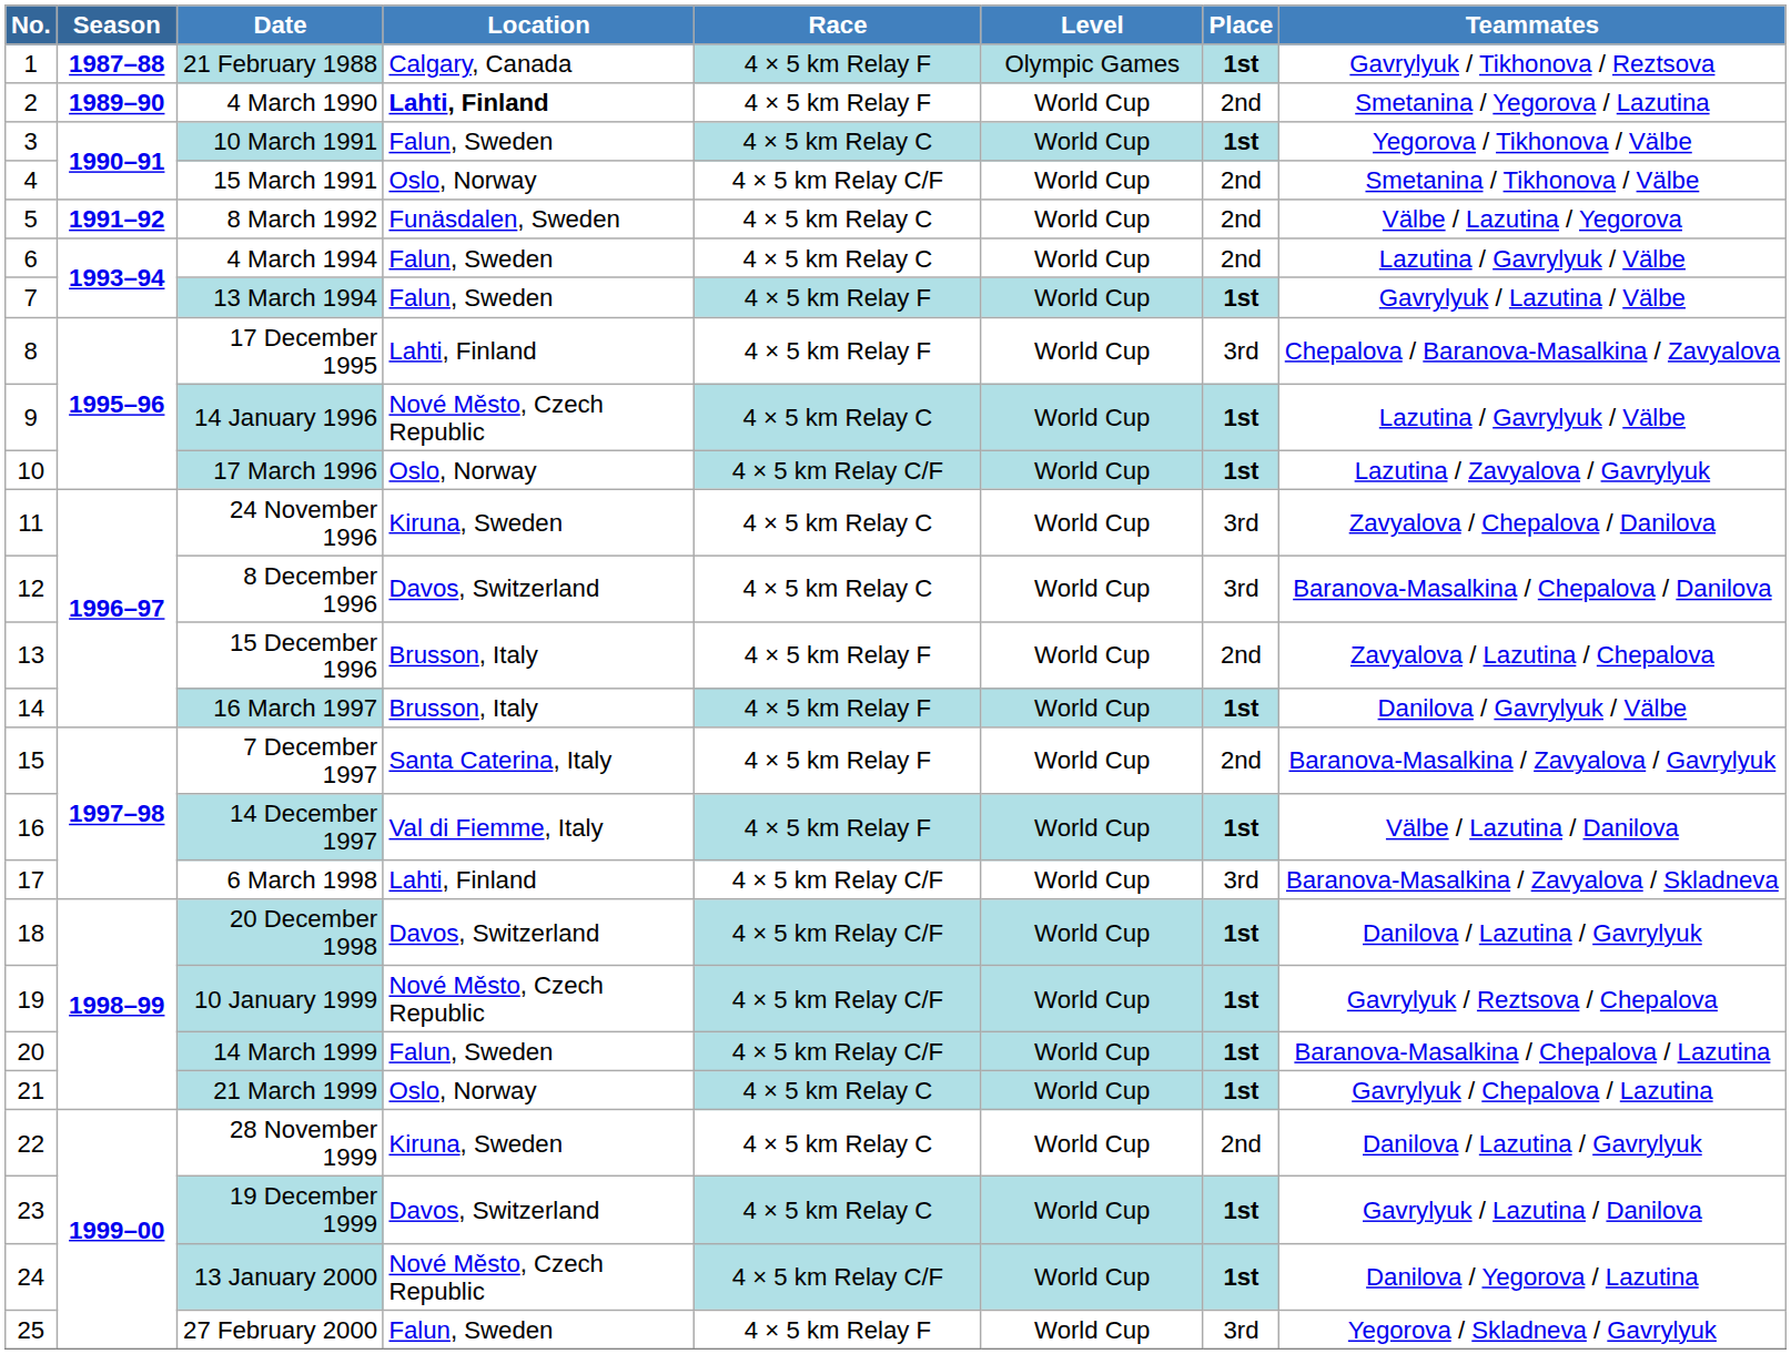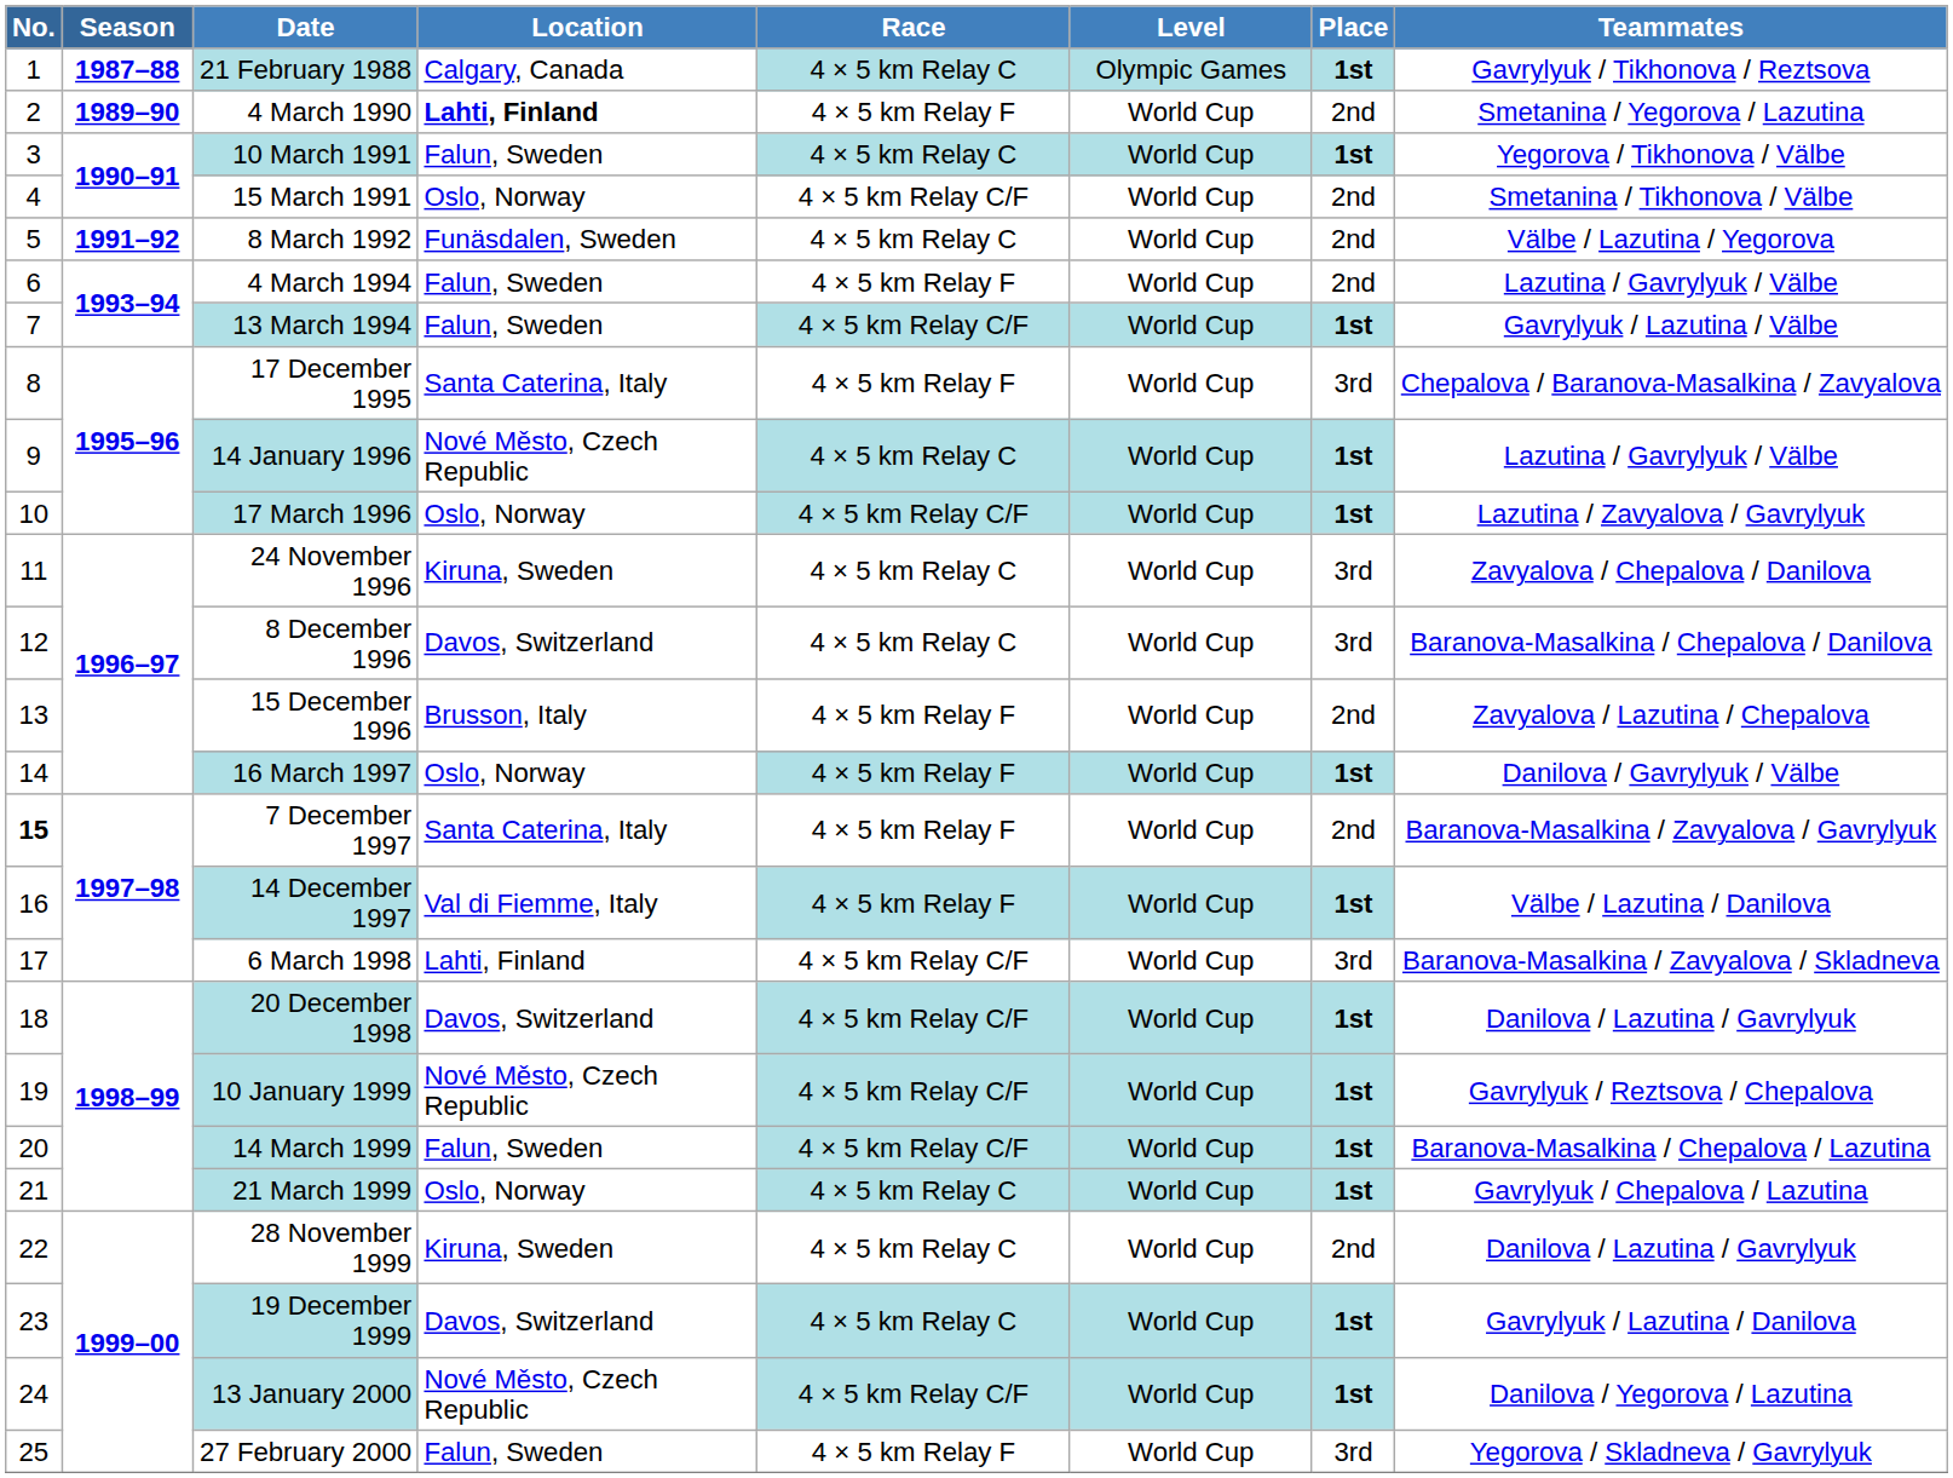 <table class="wikitable sortable" style="font-size:95%; text-align:center; border:grey solid 1px; border-collapse:collapse; background:#ffffff;">
 <tr style="background:#efefef;">
 <th style="background-color:#369; color:white;">No.</th>
 <th style="background-color:#369; color:white;">Season</th>
 <th style="background-color:#4180be; color:white; width:120px;">Date</th>
 <th style="background-color:#4180be; color:white; width:185px;">Location</th>
 <th style="background-color:#4180be; color:white; width:170px;">Race</th>
 <th style="background-color:#4180be; color:white; width:130px;">Level</th>
 <th style="background-color:#4180be; color:white;">Place</th>
 <th style="background-color:#4180be; color:white;">Teammates</th>
 </tr>
 <tr>
 <td align=center>1</td>
 <td rowspan=1 align=center><strong><a href='#'>1987–88</a></strong></td>
 <td bgcolor="#BOEOE6" align=right>21 February 1988</td>
 <td align=left> <a href='#'>Calgary</a>, Canada</td>
-<td bgcolor="#BOEOE6">4 × 5 km Relay F</td>
+<td bgcolor="#BOEOE6">4 × 5 km Relay C</td>
 <td bgcolor="#BOEOE6">Olympic Games</td>
 <td bgcolor="#BOEOE6"><strong>1st</strong></td>
 <td><a href='#'>Gavrylyuk</a> / <a href='#'>Tikhonova</a> / <a href='#'>Reztsova</a></td>
 </tr>
 <tr>
 <td align=center>2</td>
 <td rowspan=1 align=center><strong> <a href='#'>1989–90</a> </strong></td>
 <td align=right>4 March 1990</td>
 <td align=left><strong> <a href='#'>Lahti</a>, Finland</strong></td>
 <td>4 × 5 km Relay F</td>
 <td>World Cup</td>
 <td>2nd</td>
 <td><a href='#'>Smetanina</a> / <a href='#'>Yegorova</a> / <a href='#'>Lazutina</a></td>
 </tr>
 <tr>
 <td align=center>3</td>
 <td rowspan=2 align=center><strong><a href='#'>1990–91</a></strong></td>
 <td bgcolor="#BOEOE6" align=right>10 March 1991</td>
 <td align=left> <a href='#'>Falun</a>, Sweden</td>
 <td bgcolor="#BOEOE6">4 × 5 km Relay C</td>
 <td bgcolor="#BOEOE6">World Cup</td>
 <td bgcolor="#BOEOE6"><strong>1st</strong></td>
 <td><a href='#'>Yegorova</a> / <a href='#'>Tikhonova</a> / <a href='#'>Välbe</a></td>
 </tr>
 <tr>
 <td align=center>4</td>
 <td align=right>15 March 1991</td>
 <td align=left> <a href='#'>Oslo</a>, Norway</td>
 <td>4 × 5 km Relay C/F</td>
 <td>World Cup</td>
 <td>2nd</td>
 <td><a href='#'>Smetanina</a> / <a href='#'>Tikhonova</a> / <a href='#'>Välbe</a></td>
 </tr>
 <tr>
 <td align=center>5</td>
 <td rowspan=1 align=center><strong> <a href='#'>1991–92</a> </strong></td>
 <td align=right>8 March 1992</td>
 <td align=left> <a href='#'>Funäsdalen</a>, Sweden</td>
 <td>4 × 5 km Relay C</td>
 <td>World Cup</td>
 <td>2nd</td>
 <td><a href='#'>Välbe</a> / <a href='#'>Lazutina</a> / <a href='#'>Yegorova</a></td>
 </tr>
 <tr>
 <td align=center>6</td>
 <td rowspan=2 align=center><strong> <a href='#'>1993–94</a> </strong></td>
 <td align=right>4 March 1994</td>
 <td align=left> <a href='#'>Falun</a>, Sweden</td>
-<td>4 × 5 km Relay C</td>
+<td>4 × 5 km Relay F</td>
 <td>World Cup</td>
 <td>2nd</td>
 <td><a href='#'>Lazutina</a> / <a href='#'>Gavrylyuk</a> / <a href='#'>Välbe</a></td>
 </tr>
 <tr>
 <td align=center>7</td>
 <td bgcolor="#BOEOE6" align=right>13 March 1994</td>
 <td align=left> <a href='#'>Falun</a>, Sweden</td>
-<td bgcolor="#BOEOE6">4 × 5 km Relay F</td>
+<td bgcolor="#BOEOE6">4 × 5 km Relay C/F</td>
 <td bgcolor="#BOEOE6">World Cup</td>
 <td bgcolor="#BOEOE6"><strong>1st</strong></td>
 <td><a href='#'>Gavrylyuk</a> / <a href='#'>Lazutina</a> / <a href='#'>Välbe</a></td>
 </tr>
 <tr>
 <td align=center>8</td>
 <td rowspan=3 align=center><strong> <a href='#'>1995–96</a> </strong></td>
 <td align=right>17 December 1995</td>
-<td align=left> <a href='#'>Lahti</a>, Finland</td>
+<td align=left> <a href='#'>Santa Caterina</a>, Italy</td>
 <td>4 × 5 km Relay F</td>
 <td>World Cup</td>
 <td>3rd</td>
 <td><a href='#'>Chepalova</a> / <a href='#'>Baranova-Masalkina</a> / <a href='#'>Zavyalova</a></td>
 </tr>
 <tr>
 <td align=center>9</td>
 <td bgcolor="#BOEOE6" align=right>14 January 1996</td>
 <td align=left> <a href='#'>Nové Město</a>, Czech Republic</td>
 <td bgcolor="#BOEOE6">4 × 5 km Relay C</td>
 <td bgcolor="#BOEOE6">World Cup</td>
 <td bgcolor="#BOEOE6"><strong>1st</strong></td>
 <td><a href='#'>Lazutina</a> / <a href='#'>Gavrylyuk</a> / <a href='#'>Välbe</a></td>
 </tr>
 <tr>
 <td align=center>10</td>
 <td bgcolor="#BOEOE6" align=right>17 March 1996</td>
 <td align=left> <a href='#'>Oslo</a>, Norway</td>
 <td bgcolor="#BOEOE6">4 × 5 km Relay C/F</td>
 <td bgcolor="#BOEOE6">World Cup</td>
 <td bgcolor="#BOEOE6"><strong>1st</strong></td>
 <td><a href='#'>Lazutina</a> / <a href='#'>Zavyalova</a> / <a href='#'>Gavrylyuk</a></td>
 </tr>
 <tr>
 <td align=center>11</td>
 <td rowspan=4 align=center><strong> <a href='#'>1996–97</a> </strong></td>
 <td align=right>24 November 1996</td>
 <td align=left> <a href='#'>Kiruna</a>, Sweden</td>
 <td>4 × 5 km Relay C</td>
 <td>World Cup</td>
 <td>3rd</td>
 <td><a href='#'>Zavyalova</a> / <a href='#'>Chepalova</a> / <a href='#'>Danilova</a></td>
 </tr>
 <tr>
 <td align=center>12</td>
 <td align=right>8 December 1996</td>
 <td align=left> <a href='#'>Davos</a>, Switzerland</td>
 <td>4 × 5 km Relay C</td>
 <td>World Cup</td>
 <td>3rd</td>
 <td><a href='#'>Baranova-Masalkina</a> / <a href='#'>Chepalova</a> / <a href='#'>Danilova</a></td>
 </tr>
 <tr>
 <td align=center>13</td>
 <td align=right>15 December 1996</td>
 <td align=left> <a href='#'>Brusson</a>, Italy</td>
 <td>4 × 5 km Relay F</td>
 <td>World Cup</td>
 <td>2nd</td>
 <td><a href='#'>Zavyalova</a> / <a href='#'>Lazutina</a> / <a href='#'>Chepalova</a></td>
 </tr>
 <tr>
 <td align=center>14</td>
 <td bgcolor="#BOEOE6" align=right>16 March 1997</td>
-<td align=left> <a href='#'>Brusson</a>, Italy</td>
+<td align=left> <a href='#'>Oslo</a>, Norway</td>
 <td bgcolor="#BOEOE6">4 × 5 km Relay F</td>
 <td bgcolor="#BOEOE6">World Cup</td>
 <td bgcolor="#BOEOE6"><strong>1st</strong></td>
 <td><a href='#'>Danilova</a> / <a href='#'>Gavrylyuk</a> / <a href='#'>Välbe</a></td>
 </tr>
 <tr>
-<td align=center>15</td>
+<td align=center><strong>15</strong></td>
 <td rowspan=3 align=center><strong> <a href='#'>1997–98</a> </strong></td>
 <td align=right>7 December 1997</td>
 <td align=left> <a href='#'>Santa Caterina</a>, Italy</td>
 <td>4 × 5 km Relay F</td>
 <td>World Cup</td>
 <td>2nd</td>
 <td><a href='#'>Baranova-Masalkina</a> / <a href='#'>Zavyalova</a> / <a href='#'>Gavrylyuk</a></td>
 </tr>
 <tr>
 <td align=center>16</td>
 <td bgcolor="#BOEOE6" align=right>14 December 1997</td>
 <td align=left> <a href='#'>Val di Fiemme</a>, Italy</td>
 <td bgcolor="#BOEOE6">4 × 5 km Relay F</td>
 <td bgcolor="#BOEOE6">World Cup</td>
 <td bgcolor="#BOEOE6"><strong>1st</strong></td>
 <td><a href='#'>Välbe</a> / <a href='#'>Lazutina</a> / <a href='#'>Danilova</a></td>
 </tr>
 <tr>
 <td align=center>17</td>
 <td align=right>6 March 1998</td>
 <td align=left> <a href='#'>Lahti</a>, Finland</td>
 <td>4 × 5 km Relay C/F</td>
 <td>World Cup</td>
 <td>3rd</td>
 <td><a href='#'>Baranova-Masalkina</a> / <a href='#'>Zavyalova</a> / <a href='#'>Skladneva</a></td>
 </tr>
 <tr>
 <td align=center>18</td>
 <td rowspan=4 align=center><strong><a href='#'>1998–99</a></strong></td>
 <td bgcolor="#BOEOE6" align=right>20 December 1998</td>
 <td align=left> <a href='#'>Davos</a>, Switzerland</td>
 <td bgcolor="#BOEOE6">4 × 5 km Relay C/F</td>
 <td bgcolor="#BOEOE6">World Cup</td>
 <td bgcolor="#BOEOE6"><strong>1st</strong></td>
 <td><a href='#'>Danilova</a> / <a href='#'>Lazutina</a> / <a href='#'>Gavrylyuk</a></td>
 </tr>
 <tr>
 <td align=center>19</td>
 <td bgcolor="#BOEOE6" align=right>10 January 1999</td>
 <td align=left> <a href='#'>Nové Město</a>, Czech Republic</td>
 <td bgcolor="#BOEOE6">4 × 5 km Relay C/F</td>
 <td bgcolor="#BOEOE6">World Cup</td>
 <td bgcolor="#BOEOE6"><strong>1st</strong></td>
 <td><a href='#'>Gavrylyuk</a> / <a href='#'>Reztsova</a> / <a href='#'>Chepalova</a></td>
 </tr>
 <tr>
 <td align=center>20</td>
 <td bgcolor="#BOEOE6" align=right>14 March 1999</td>
 <td align=left> <a href='#'>Falun</a>, Sweden</td>
 <td bgcolor="#BOEOE6">4 × 5 km Relay C/F</td>
 <td bgcolor="#BOEOE6">World Cup</td>
 <td bgcolor="#BOEOE6"><strong>1st</strong></td>
 <td><a href='#'>Baranova-Masalkina</a> / <a href='#'>Chepalova</a> / <a href='#'>Lazutina</a></td>
 </tr>
 <tr>
 <td align=center>21</td>
 <td bgcolor="#BOEOE6" align=right>21 March 1999</td>
 <td align=left> <a href='#'>Oslo</a>, Norway</td>
 <td bgcolor="#BOEOE6">4 × 5 km Relay C</td>
 <td bgcolor="#BOEOE6">World Cup</td>
 <td bgcolor="#BOEOE6"><strong>1st</strong></td>
 <td><a href='#'>Gavrylyuk</a> /  <a href='#'>Chepalova</a> / <a href='#'>Lazutina</a></td>
 </tr>
 <tr>
 <td align=center>22</td>
 <td rowspan=4 align=center><strong> <a href='#'>1999–00</a> </strong></td>
 <td align=right>28 November 1999</td>
 <td align=left> <a href='#'>Kiruna</a>, Sweden</td>
 <td>4 × 5 km Relay C</td>
 <td>World Cup</td>
 <td>2nd</td>
 <td><a href='#'>Danilova</a> / <a href='#'>Lazutina</a> / <a href='#'>Gavrylyuk</a></td>
 </tr>
 <tr>
 <td align=center>23</td>
 <td bgcolor="#BOEOE6" align=right>19 December 1999</td>
 <td align=left> <a href='#'>Davos</a>, Switzerland</td>
 <td bgcolor="#BOEOE6">4 × 5 km Relay C</td>
 <td bgcolor="#BOEOE6">World Cup</td>
 <td bgcolor="#BOEOE6"><strong>1st</strong></td>
 <td><a href='#'>Gavrylyuk</a> / <a href='#'>Lazutina</a> / <a href='#'>Danilova</a></td>
 </tr>
 <tr>
 <td align=center>24</td>
 <td bgcolor="#BOEOE6" align=right>13 January 2000</td>
 <td align=left> <a href='#'>Nové Město</a>, Czech Republic</td>
 <td bgcolor="#BOEOE6">4 × 5 km Relay C/F</td>
 <td bgcolor="#BOEOE6">World Cup</td>
 <td bgcolor="#BOEOE6"><strong>1st</strong></td>
 <td><a href='#'>Danilova</a>  / <a href='#'>Yegorova</a> / <a href='#'>Lazutina</a></td>
 </tr>
 <tr>
 <td align=center>25</td>
 <td align=right>27 February 2000</td>
 <td align=left> <a href='#'>Falun</a>, Sweden</td>
 <td>4 × 5 km Relay F</td>
 <td>World Cup</td>
 <td>3rd</td>
 <td><a href='#'>Yegorova</a> / <a href='#'>Skladneva</a> / <a href='#'>Gavrylyuk</a></td>
 </tr>
 <tr>
 </tr>
 </table>
